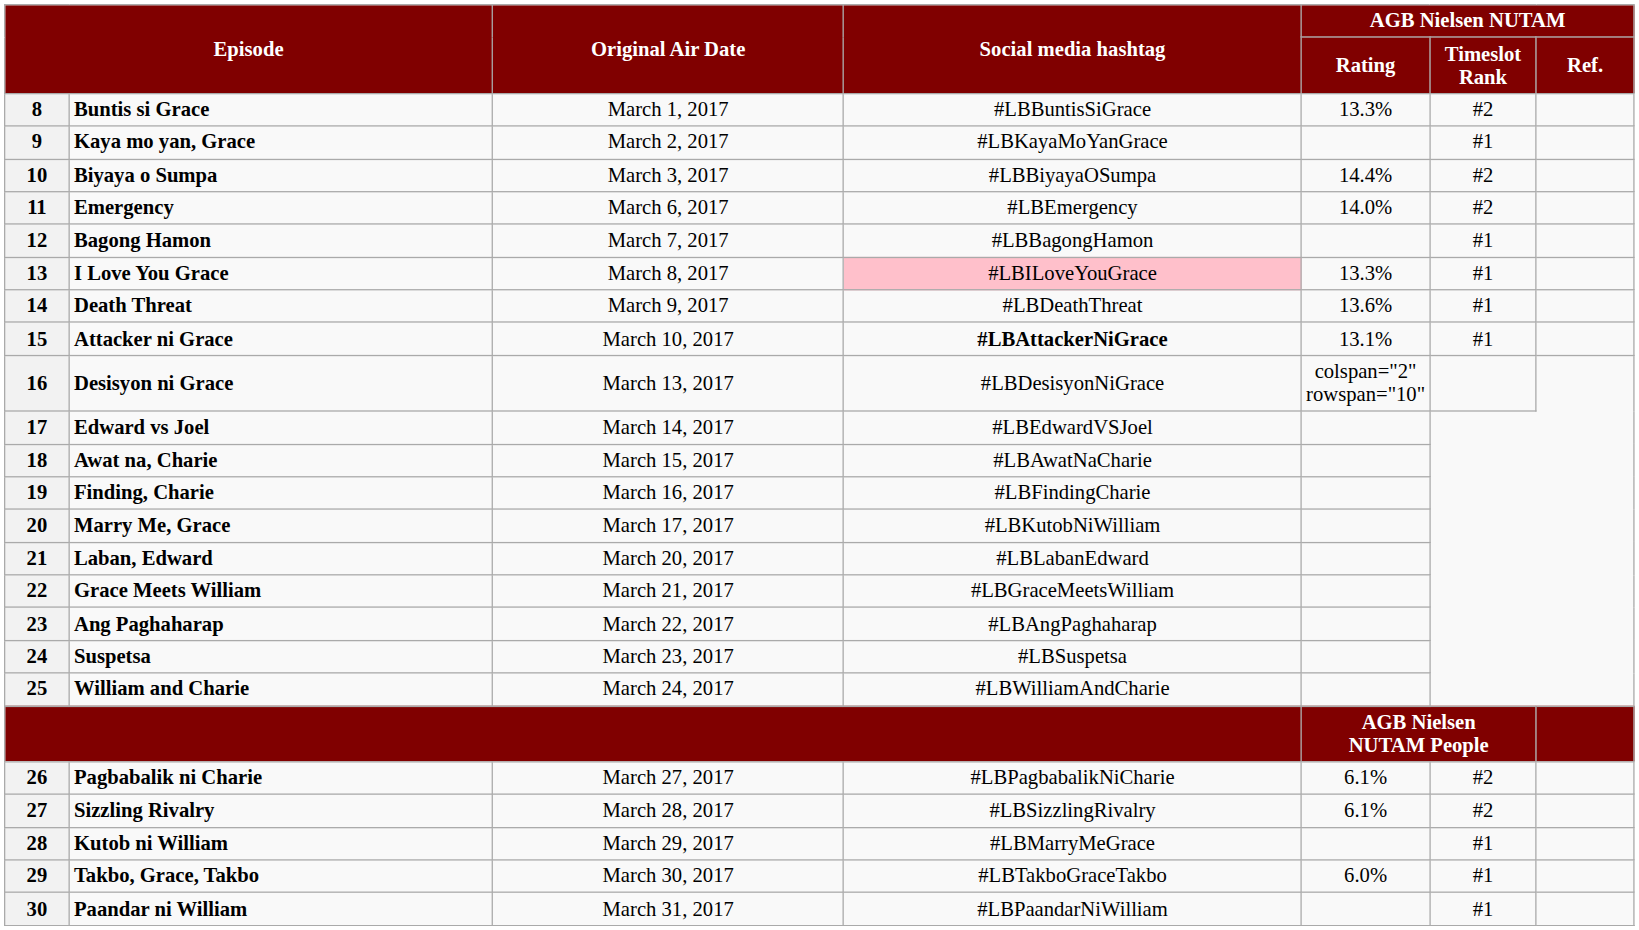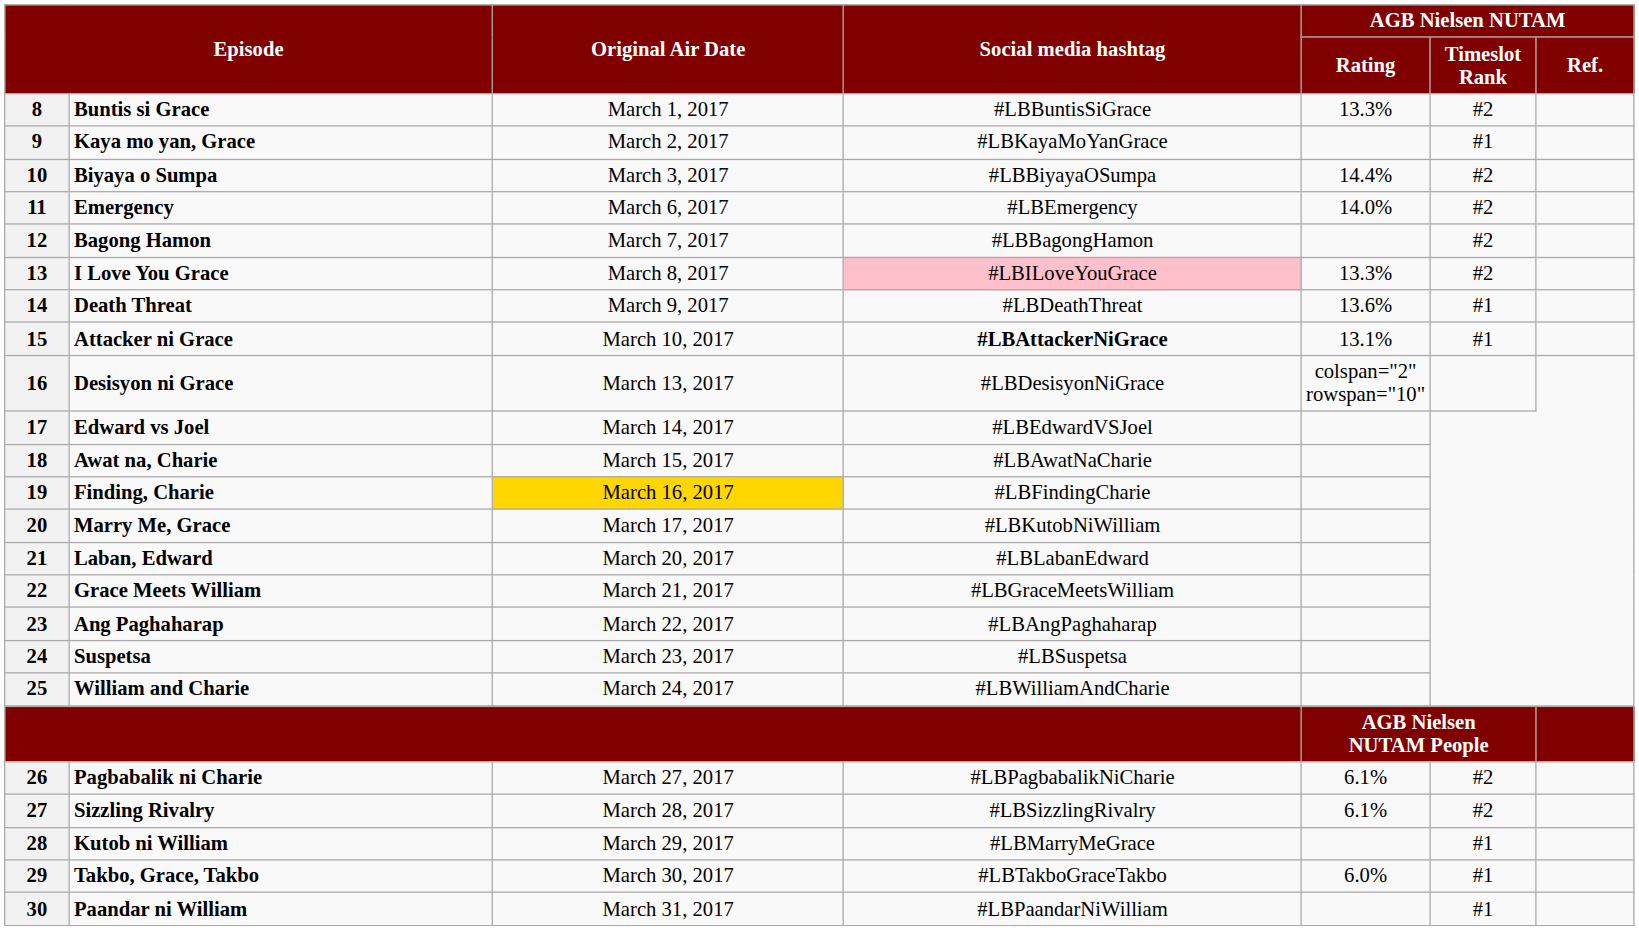 <table class="wikitable" style="text-align:center; font-size:100%; line-height:18px;"  width="100%">
 <tr>
 <th colspan="2" rowspan="2" style="background-color:#800000; color:#ffffff;">Episode</th>
 <th style="background:#800000; color:white" rowspan="2">Original Air Date</th>
 <th style="background:#800000; color:white" rowspan="2">Social media hashtag</th>
 <th style="background-color:#800000; color:#ffffff;" colspan="3">AGB Nielsen NUTAM</th>
 </tr>
 <tr>
 <th style="background-color:#800000; width:75px; color:#ffffff;">Rating</th>
 <th style="background-color:#800000; width:75px; color:#ffffff;">Timeslot<br>Rank</th>
 <th style="background-color:#800000; color:#ffffff;">Ref.</th>
 </tr>
 <tr>
 <th>8</th>
 <td style="text-align: left;"><strong>Buntis si Grace</strong></td>
 <td>March 1, 2017</td>
 <td>#LBBuntisSiGrace</td>
 <td>13.3%</td>
 <td>#2</td>
 <td></td>
 </tr>
 <tr>
 <th>9</th>
 <td style="text-align: left;"><strong>Kaya mo yan, Grace</strong></td>
 <td>March 2, 2017</td>
 <td>#LBKayaMoYanGrace</td>
 <td></td>
 <td>#1</td>
 <td></td>
 </tr>
 <tr>
 <th>10</th>
 <td style="text-align: left;"><strong>Biyaya o Sumpa</strong></td>
 <td>March 3, 2017</td>
 <td>#LBBiyayaOSumpa</td>
 <td>14.4%</td>
 <td>#2</td>
 <td></td>
 </tr>
 <tr>
 <th>11</th>
 <td style="text-align: left;"><strong>Emergency</strong></td>
 <td>March 6, 2017</td>
 <td>#LBEmergency</td>
 <td>14.0%</td>
 <td>#2</td>
 <td></td>
 </tr>
 <tr>
 <th>12</th>
 <td style="text-align: left;"><strong>Bagong Hamon</strong></td>
 <td>March 7, 2017</td>
 <td>#LBBagongHamon</td>
 <td></td>
-<td>#1</td>
+<td>#2</td>
 <td></td>
 </tr>
 <tr>
 <th>13</th>
 <td style="text-align: left;"><strong>I Love You Grace</strong></td>
 <td>March 8, 2017</td>
 <td style="background: pink;">#LBILoveYouGrace</td>
 <td>13.3%</td>
-<td>#1</td>
+<td>#2</td>
 <td></td>
 </tr>
 <tr>
 <th>14</th>
 <td style="text-align: left;"><strong>Death Threat</strong></td>
 <td>March 9, 2017</td>
 <td>#LBDeathThreat</td>
 <td>13.6%</td>
 <td>#1</td>
 <td></td>
 </tr>
 <tr>
 <th>15</th>
 <td style="text-align: left;"><strong>Attacker ni Grace</strong></td>
 <td>March 10, 2017</td>
 <td><strong>#LBAttackerNiGrace</strong></td>
 <td>13.1%</td>
 <td>#1</td>
 <td></td>
 </tr>
 <tr>
 <th>16</th>
 <td style="text-align: left;"><strong>Desisyon ni Grace</strong></td>
 <td>March 13, 2017</td>
 <td>#LBDesisyonNiGrace</td>
 <td>colspan="2" rowspan="10" </td>
 <td></td>
 </tr>
 <tr>
 <th>17</th>
 <td style="text-align: left;"><strong>Edward vs Joel</strong></td>
 <td>March 14, 2017</td>
 <td>#LBEdwardVSJoel</td>
 <td></td>
 </tr>
 <tr>
 <th>18</th>
 <td style="text-align: left;"><strong>Awat na, Charie</strong></td>
 <td>March 15, 2017</td>
 <td>#LBAwatNaCharie</td>
 <td></td>
 </tr>
 <tr>
 <th>19</th>
 <td style="text-align: left;"><strong>Finding, Charie</strong></td>
-<td>March 16, 2017</td>
+<td style="background: gold;">March 16, 2017</td>
 <td>#LBFindingCharie</td>
 <td></td>
 </tr>
 <tr>
 <th>20</th>
 <td style="text-align: left;"><strong>Marry Me, Grace</strong></td>
 <td>March 17, 2017</td>
 <td>#LBKutobNiWilliam</td>
 <td></td>
 </tr>
 <tr>
 <th>21</th>
 <td style="text-align: left;"><strong>Laban, Edward</strong></td>
 <td>March 20, 2017</td>
 <td>#LBLabanEdward</td>
 <td></td>
 </tr>
 <tr>
 <th>22</th>
 <td style="text-align: left;"><strong>Grace Meets William</strong></td>
 <td>March 21, 2017</td>
 <td>#LBGraceMeetsWilliam</td>
 <td></td>
 </tr>
 <tr>
 <th>23</th>
 <td style="text-align: left;"><strong>Ang Paghaharap</strong></td>
 <td>March 22, 2017</td>
 <td>#LBAngPaghaharap</td>
 <td></td>
 </tr>
 <tr>
 <th>24</th>
 <td style="text-align: left;"><strong>Suspetsa</strong></td>
 <td>March 23, 2017</td>
 <td>#LBSuspetsa</td>
 <td></td>
 </tr>
 <tr>
 <th>25</th>
 <td style="text-align: left;"><strong>William and Charie</strong></td>
 <td>March 24, 2017</td>
 <td>#LBWilliamAndCharie</td>
 <td></td>
 </tr>
 <tr>
 </tr>
 <tr>
 <td colspan="4" rowspan="2" style="background:#800000; color:#ffffff"></td>
 </tr>
 <tr>
 <th colspan="2" style="background:#800000; color:#ffffff">AGB Nielsen<br>NUTAM People</th>
 <td rowspan="1" style="background:#800000; color:#ffffff"></td>
 </tr>
 <tr>
 <th>26</th>
 <td style="text-align: left;"><strong>Pagbabalik ni Charie</strong></td>
 <td>March 27, 2017</td>
 <td>#LBPagbabalikNiCharie</td>
 <td>6.1%</td>
 <td>#2</td>
 <td></td>
 </tr>
 <tr>
 <th>27</th>
 <td style="text-align: left;"><strong>Sizzling Rivalry</strong></td>
 <td>March 28, 2017</td>
 <td>#LBSizzlingRivalry</td>
 <td>6.1%</td>
 <td>#2</td>
 <td></td>
 </tr>
 <tr>
 <th>28</th>
 <td style="text-align: left;"><strong>Kutob ni William</strong></td>
 <td>March 29, 2017</td>
 <td>#LBMarryMeGrace</td>
 <td></td>
 <td>#1</td>
 <td></td>
 </tr>
 <tr>
 <th>29</th>
 <td style="text-align: left;"><strong>Takbo, Grace, Takbo</strong></td>
 <td>March 30, 2017</td>
 <td>#LBTakboGraceTakbo</td>
 <td>6.0%</td>
 <td>#1</td>
 <td></td>
 </tr>
 <tr>
 <th>30</th>
 <td style="text-align: left;"><strong>Paandar ni William</strong></td>
 <td>March 31, 2017</td>
 <td>#LBPaandarNiWilliam</td>
 <td></td>
 <td>#1</td>
 <td></td>
 </tr>
 <tr>
 </tr>
 </table>
